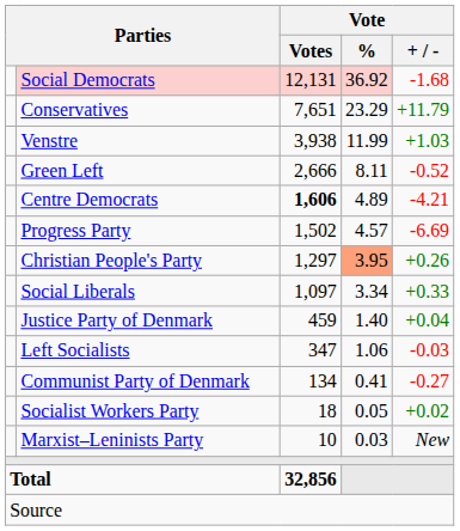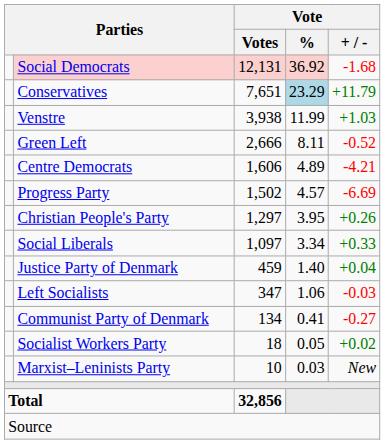 <table class="wikitable" style="text-align:right;">
 <tr>
 <th style="text-align:centre;" rowspan="2" colspan="2" width="225">Parties</th>
 <th colspan="3">Vote</th>
 </tr>
 <tr>
 <th width="15">Votes</th>
 <th width="15">%</th>
 <th width="15">+ / -</th>
 </tr>
 <tr>
 <td width="2" style="color:inherit;background:"></td>
 <td bgcolor=#fbd0ce  align="left"><a href='#'>Social Democrats</a></td>
 <td bgcolor=#fbd0ce>12,131</td>
 <td bgcolor=#fbd0ce>36.92</td>
 <td style=color:red;>-1.68</td>
 </tr>
 <tr>
 <td width="2" style="color:inherit;background:"></td>
 <td align="left"><a href='#'>Conservatives</a></td>
 <td>7,651</td>
-<td>23.29</td>
+<td style="background: lightblue;">23.29</td>
 <td style=color:green;>+11.79</td>
 </tr>
 <tr>
 <td width="2" style="color:inherit;background:"></td>
 <td align="left"><a href='#'>Venstre</a></td>
 <td>3,938</td>
 <td>11.99</td>
 <td style=color:green;>+1.03</td>
 </tr>
 <tr>
 <td width="2" style="color:inherit;background:"></td>
 <td align="left"><a href='#'>Green Left</a></td>
 <td>2,666</td>
 <td>8.11</td>
 <td style=color:red;>-0.52</td>
 </tr>
 <tr>
 <td width="2" style="color:inherit;background:"></td>
 <td align="left"><a href='#'>Centre Democrats</a></td>
-<td><strong>1,606</strong></td>
+<td>1,606</td>
 <td>4.89</td>
 <td style=color:red;>-4.21</td>
 </tr>
 <tr>
 <td width="2" style="color:inherit;background:"></td>
 <td align="left"><a href='#'>Progress Party</a></td>
 <td>1,502</td>
 <td>4.57</td>
 <td style=color:red;>-6.69</td>
 </tr>
 <tr>
 <td width="2" style="color:inherit;background:"></td>
 <td align="left"><a href='#'>Christian People's Party</a></td>
 <td>1,297</td>
-<td style="background: lightsalmon;">3.95</td>
+<td>3.95</td>
 <td style=color:green;>+0.26</td>
 </tr>
 <tr>
 <td width="2" style="color:inherit;background:"></td>
 <td align="left"><a href='#'>Social Liberals</a></td>
 <td>1,097</td>
 <td>3.34</td>
 <td style=color:green;>+0.33</td>
 </tr>
 <tr>
 <td width="2" style="color:inherit;background:"></td>
 <td align="left"><a href='#'>Justice Party of Denmark</a></td>
 <td>459</td>
 <td>1.40</td>
 <td style=color:green;>+0.04</td>
 </tr>
 <tr>
 <td width="2" style="color:inherit;background:"></td>
 <td align="left"><a href='#'>Left Socialists</a></td>
 <td>347</td>
 <td>1.06</td>
 <td style=color:red;>-0.03</td>
 </tr>
 <tr>
 <td width="2" style="color:inherit;background:"></td>
 <td align="left"><a href='#'>Communist Party of Denmark</a></td>
 <td>134</td>
 <td>0.41</td>
 <td style=color:red;>-0.27</td>
 </tr>
 <tr>
 <td width="2" style="color:inherit;background:"></td>
 <td align="left"><a href='#'>Socialist Workers Party</a></td>
 <td>18</td>
 <td>0.05</td>
 <td style=color:green;>+0.02</td>
 </tr>
 <tr>
 <td width="2" style="color:inherit;background:"></td>
 <td align="left"><a href='#'>Marxist–Leninists Party</a></td>
 <td>10</td>
 <td>0.03</td>
 <td><em>New</em></td>
 </tr>
 <tr>
 <td colspan="7" bgcolor="#E9E9E9"></td>
 </tr>
 <tr>
 <td align="left" colspan="2"><strong>Total</strong></td>
 <td><strong>32,856</strong></td>
 <td bgcolor="#E9E9E9" colspan="2"></td>
 </tr>
 <tr>
 <td align="left" colspan="6">Source</td>
 </tr>
 </table>
